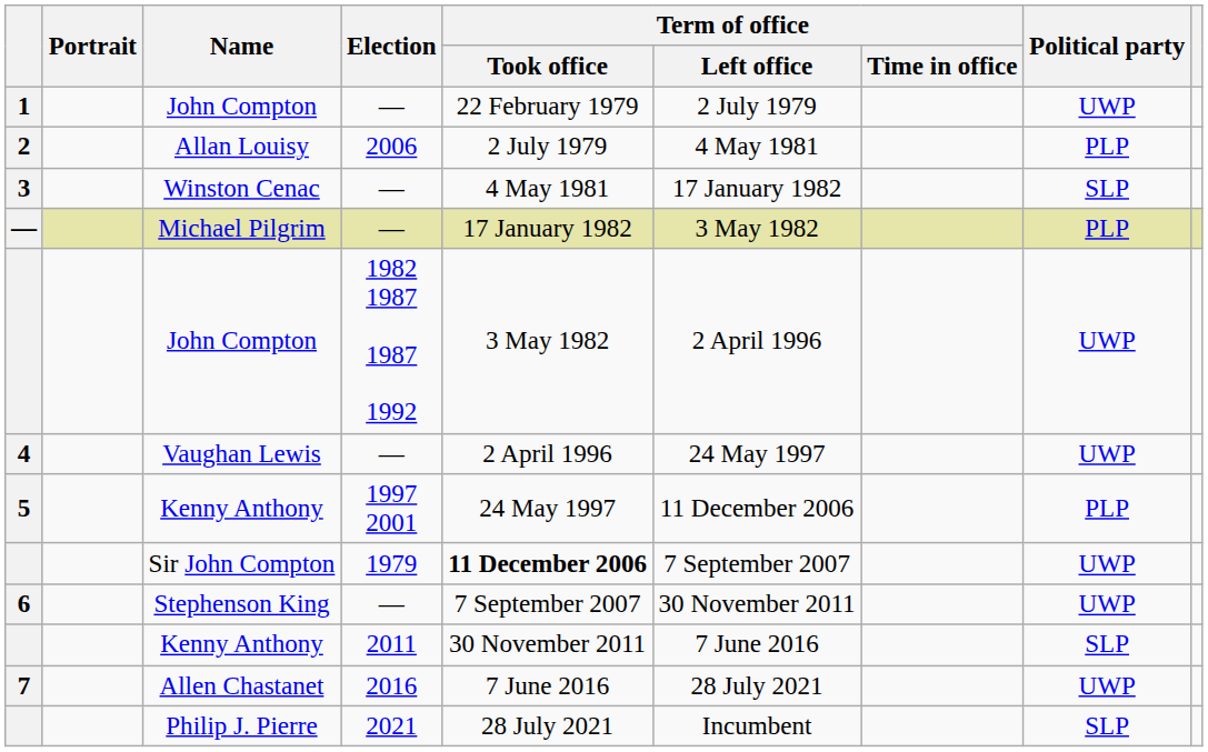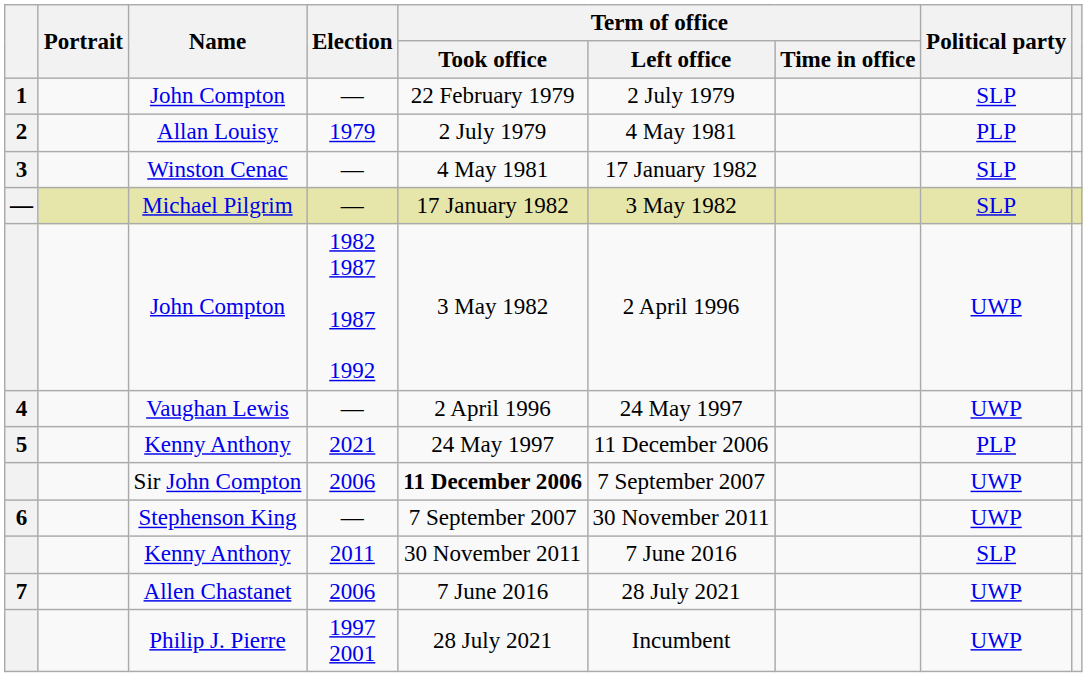 <table class=wikitable style=text-align:center>
 <tr>
 <th rowspan="2"></th>
 <th rowspan="2">Portrait</th>
 <th rowspan="2">Name<br></th>
 <th rowspan="2">Election</th>
 <th colspan="3">Term of office</th>
 <th rowspan="2">Political party</th>
 <th rowspan="2"></th>
 </tr>
 <tr>
 <th>Took office</th>
 <th>Left office</th>
 <th>Time in office</th>
 </tr>
 <tr>
 <th style="background:">1</th>
 <td></td>
 <td><a href='#'>John Compton</a><br></td>
 <td>—</td>
 <td>22 February 1979</td>
 <td>2 July 1979</td>
 <td></td>
-<td><a href='#'>UWP</a></td>
+<td><a href='#'>SLP</a></td>
 <td></td>
 </tr>
 <tr>
 <th style="background:">2</th>
 <td></td>
 <td><a href='#'>Allan Louisy</a><br></td>
-<td><a href='#'>2006</a></td>
+<td><a href='#'>1979</a></td>
 <td>2 July 1979</td>
 <td>4 May 1981</td>
 <td></td>
 <td><a href='#'>PLP</a></td>
 <td></td>
 </tr>
 <tr>
 <th style="background:">3</th>
 <td></td>
 <td><a href='#'>Winston Cenac</a><br></td>
 <td>—</td>
 <td>4 May 1981</td>
 <td>17 January 1982</td>
 <td></td>
 <td><a href='#'>SLP</a></td>
 <td></td>
 </tr>
 <tr style="background:#e6e6aa;">
 <th style="background:">—</th>
 <td></td>
 <td><a href='#'>Michael Pilgrim</a><br></td>
 <td>—</td>
 <td>17 January 1982</td>
 <td>3 May 1982</td>
 <td></td>
-<td><a href='#'>PLP</a></td>
+<td><a href='#'>SLP</a></td>
 <td></td>
 </tr>
 <tr>
 <th style="background:"></th>
 <td></td>
 <td><a href='#'>John Compton</a><br></td>
 <td><a href='#'>1982</a><br><a href='#'>1987<br></a><br><a href='#'>1987<br></a><br><a href='#'>1992</a></td>
 <td>3 May 1982</td>
 <td>2 April 1996</td>
 <td></td>
 <td><a href='#'>UWP</a></td>
 <td></td>
 </tr>
 <tr>
 <th style="background:">4</th>
 <td></td>
 <td><a href='#'>Vaughan Lewis</a><br></td>
 <td>—</td>
 <td>2 April 1996</td>
 <td>24 May 1997</td>
 <td></td>
 <td><a href='#'>UWP</a></td>
 <td></td>
 </tr>
 <tr>
 <th style="background:">5</th>
 <td></td>
 <td><a href='#'>Kenny Anthony</a><br></td>
-<td><a href='#'>1997</a><br><a href='#'>2001</a></td>
+<td><a href='#'>2021</a></td>
 <td>24 May 1997</td>
 <td>11 December 2006</td>
 <td></td>
 <td><a href='#'>PLP</a></td>
 <td></td>
 </tr>
 <tr>
 <th style="background:"></th>
 <td></td>
 <td>Sir <a href='#'>John Compton</a><br></td>
-<td><a href='#'>1979</a></td>
+<td><a href='#'>2006</a></td>
 <td><strong>11 December 2006</strong></td>
 <td>7 September 2007</td>
 <td></td>
 <td><a href='#'>UWP</a></td>
 <td></td>
 </tr>
 <tr>
 <th style="background:">6</th>
 <td></td>
 <td><a href='#'>Stephenson King</a><br></td>
 <td>—</td>
 <td>7 September 2007</td>
 <td>30 November 2011</td>
 <td></td>
 <td><a href='#'>UWP</a></td>
 <td></td>
 </tr>
 <tr>
 <th style="background:"></th>
 <td></td>
 <td><a href='#'>Kenny Anthony</a><br></td>
 <td><a href='#'>2011</a></td>
 <td>30 November 2011</td>
 <td>7 June 2016</td>
 <td></td>
 <td><a href='#'>SLP</a></td>
 <td></td>
 </tr>
 <tr>
 <th style="background:">7</th>
 <td></td>
 <td><a href='#'>Allen Chastanet</a><br></td>
-<td><a href='#'>2016</a></td>
+<td><a href='#'>2006</a></td>
 <td>7 June 2016</td>
 <td>28 July 2021</td>
 <td></td>
 <td><a href='#'>UWP</a></td>
 <td></td>
 </tr>
 <tr>
 <th style="background:"></th>
 <td></td>
 <td><a href='#'>Philip J. Pierre</a><br></td>
-<td><a href='#'>2021</a></td>
+<td><a href='#'>1997</a><br><a href='#'>2001</a></td>
 <td>28 July 2021</td>
 <td>Incumbent</td>
 <td></td>
-<td><a href='#'>SLP</a></td>
+<td><a href='#'>UWP</a></td>
 <td></td>
 </tr>
 </table>
